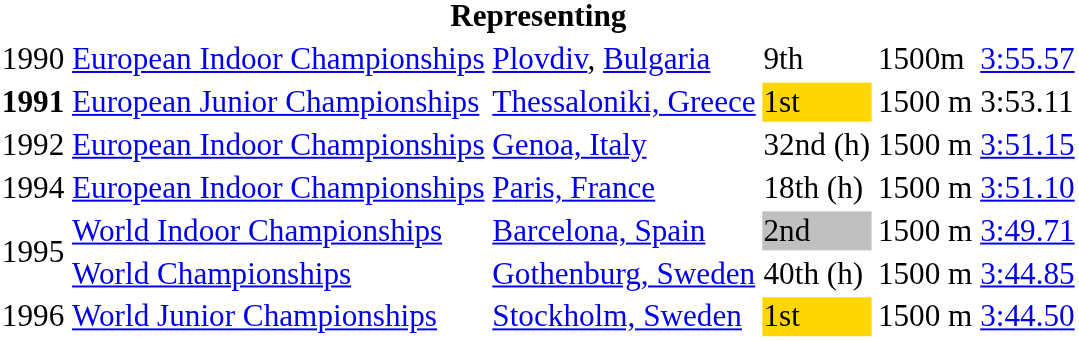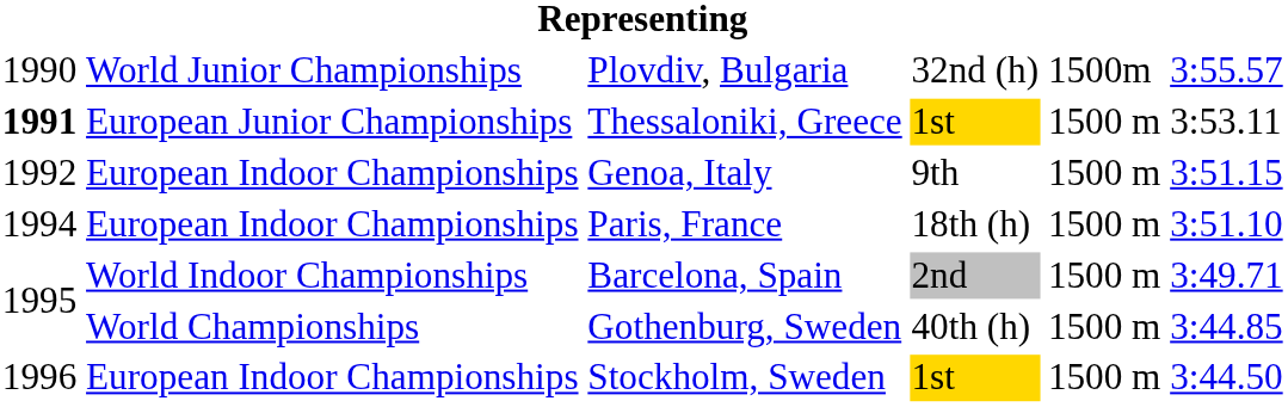 <table>
 <tr>
 <th colspan="6">Representing </th>
 </tr>
 <tr>
 <td>1990</td>
-<td><a href='#'>European Indoor Championships</a></td>
+<td><a href='#'>World Junior Championships</a></td>
 <td><a href='#'>Plovdiv</a>, <a href='#'>Bulgaria</a></td>
-<td>9th</td>
+<td>32nd (h)</td>
 <td>1500m</td>
 <td><a href='#'>3:55.57</a></td>
 </tr>
 <tr>
 <td><strong>1991</strong></td>
 <td><a href='#'>European Junior Championships</a></td>
 <td><a href='#'>Thessaloniki, Greece</a></td>
 <td bgcolor="gold">1st</td>
 <td>1500 m</td>
 <td>3:53.11</td>
 </tr>
 <tr>
 <td>1992</td>
 <td><a href='#'>European Indoor Championships</a></td>
 <td><a href='#'>Genoa, Italy</a></td>
-<td>32nd (h)</td>
+<td>9th</td>
 <td>1500 m</td>
 <td><a href='#'>3:51.15</a></td>
 </tr>
 <tr>
 <td>1994</td>
 <td><a href='#'>European Indoor Championships</a></td>
 <td><a href='#'>Paris, France</a></td>
 <td>18th (h)</td>
 <td>1500 m</td>
 <td><a href='#'>3:51.10</a></td>
 </tr>
 <tr>
 <td rowspan=2>1995</td>
 <td><a href='#'>World Indoor Championships</a></td>
 <td><a href='#'>Barcelona, Spain</a></td>
 <td bgcolor="silver">2nd</td>
 <td>1500 m</td>
 <td><a href='#'>3:49.71</a></td>
 </tr>
 <tr>
 <td><a href='#'>World Championships</a></td>
 <td><a href='#'>Gothenburg, Sweden</a></td>
 <td>40th (h)</td>
 <td>1500 m</td>
 <td><a href='#'>3:44.85</a></td>
 </tr>
 <tr>
 <td>1996</td>
-<td><a href='#'>World Junior Championships</a></td>
+<td><a href='#'>European Indoor Championships</a></td>
 <td><a href='#'>Stockholm, Sweden</a></td>
 <td bgcolor="gold">1st</td>
 <td>1500 m</td>
 <td><a href='#'>3:44.50</a></td>
 </tr>
 </table>
